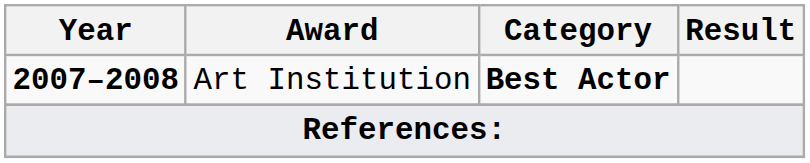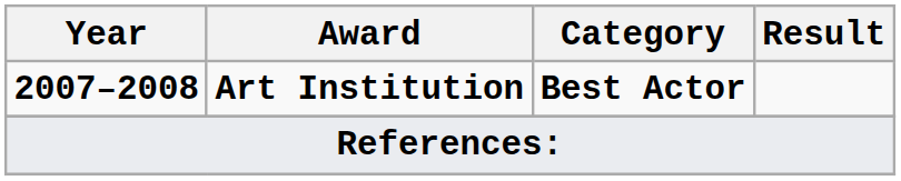 <table class="wikitable">
 <tr>
 <th>Year</th>
 <th>Award</th>
 <th>Category</th>
 <th>Result</th>
 </tr>
 <tr>
 <td><strong>2007–2008</strong></td>
-<td>Art Institution</td>
+<td><strong>Art Institution</strong></td>
 <td><strong>Best Actor</strong></td>
 <td></td>
 </tr>
 <tr>
 </tr>
 <tr class="sortbottom">
 <td colspan="8" style="background-color:#EAECF0;text-align:center"><strong>References:</strong></td>
 </tr>
 <tr>
 </tr>
 </table>
